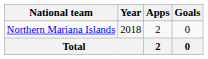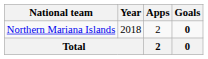 <table class="wikitable" style="text-align:center">
 <tr>
 <th>National team</th>
 <th>Year</th>
 <th>Apps</th>
 <th>Goals</th>
 </tr>
 <tr>
 <td rowspan="1"><a href='#'>Northern Mariana Islands</a></td>
 <td>2018</td>
 <td>2</td>
-<td>0</td>
+<td><strong>0</strong></td>
 </tr>
 <tr>
 <th colspan=2>Total</th>
 <th>2</th>
 <th>0</th>
 </tr>
 </table>
